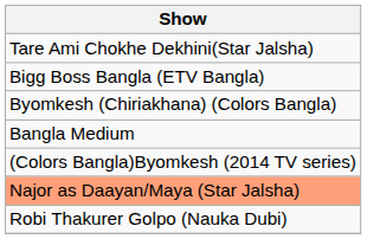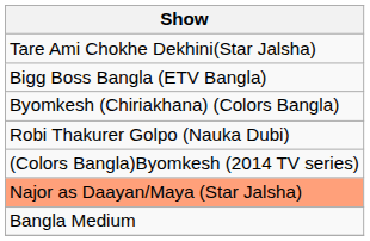 <table class="wikitable">
 <tr>
 <th>Show</th>
 </tr>
 <tr>
 <td>Tare Ami Chokhe Dekhini(Star Jalsha)</td>
 </tr>
 <tr>
 <td>Bigg Boss Bangla (ETV Bangla)</td>
 </tr>
 <tr>
 <td>Byomkesh (Chiriakhana) (Colors Bangla)</td>
 </tr>
 <tr>
-<td>Bangla Medium</td>
+<td>Robi Thakurer Golpo (Nauka Dubi)</td>
 </tr>
 <tr>
 <td>(Colors Bangla)Byomkesh (2014 TV series)</td>
 </tr>
 <tr>
 <td style="background: lightsalmon;">Najor as Daayan/Maya (Star Jalsha)</td>
 </tr>
 <tr>
-<td>Robi Thakurer Golpo (Nauka Dubi)</td>
+<td>Bangla Medium</td>
 </tr>
 <tr>
 </tr>
 </table>
